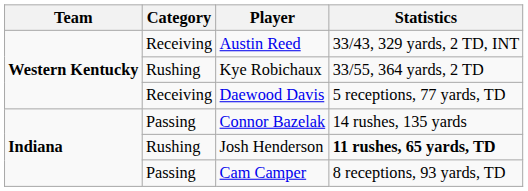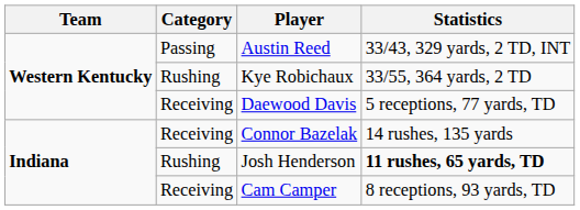 <table class="wikitable" style="float: left;">
 <tr>
 <th>Team</th>
 <th>Category</th>
 <th>Player</th>
 <th>Statistics</th>
 </tr>
 <tr>
 <td rowspan=3><strong>Western Kentucky</strong></td>
-<td>Receiving</td>
+<td>Passing</td>
 <td><a href='#'>Austin Reed</a></td>
 <td>33/43, 329 yards, 2 TD, INT</td>
 </tr>
 <tr>
 <td>Rushing</td>
 <td>Kye Robichaux</td>
 <td>33/55, 364 yards, 2 TD</td>
 </tr>
 <tr>
 <td>Receiving</td>
 <td><a href='#'>Daewood Davis</a></td>
 <td>5 receptions, 77 yards, TD</td>
 </tr>
 <tr>
 <td rowspan=3><strong>Indiana</strong></td>
-<td>Passing</td>
+<td>Receiving</td>
 <td><a href='#'>Connor Bazelak</a></td>
 <td>14 rushes, 135 yards</td>
 </tr>
 <tr>
 <td>Rushing</td>
 <td>Josh Henderson</td>
 <td><strong>11 rushes, 65 yards, TD</strong></td>
 </tr>
 <tr>
-<td>Passing</td>
+<td>Receiving</td>
 <td><a href='#'>Cam Camper</a></td>
 <td>8 receptions, 93 yards, TD</td>
 </tr>
 </table>
